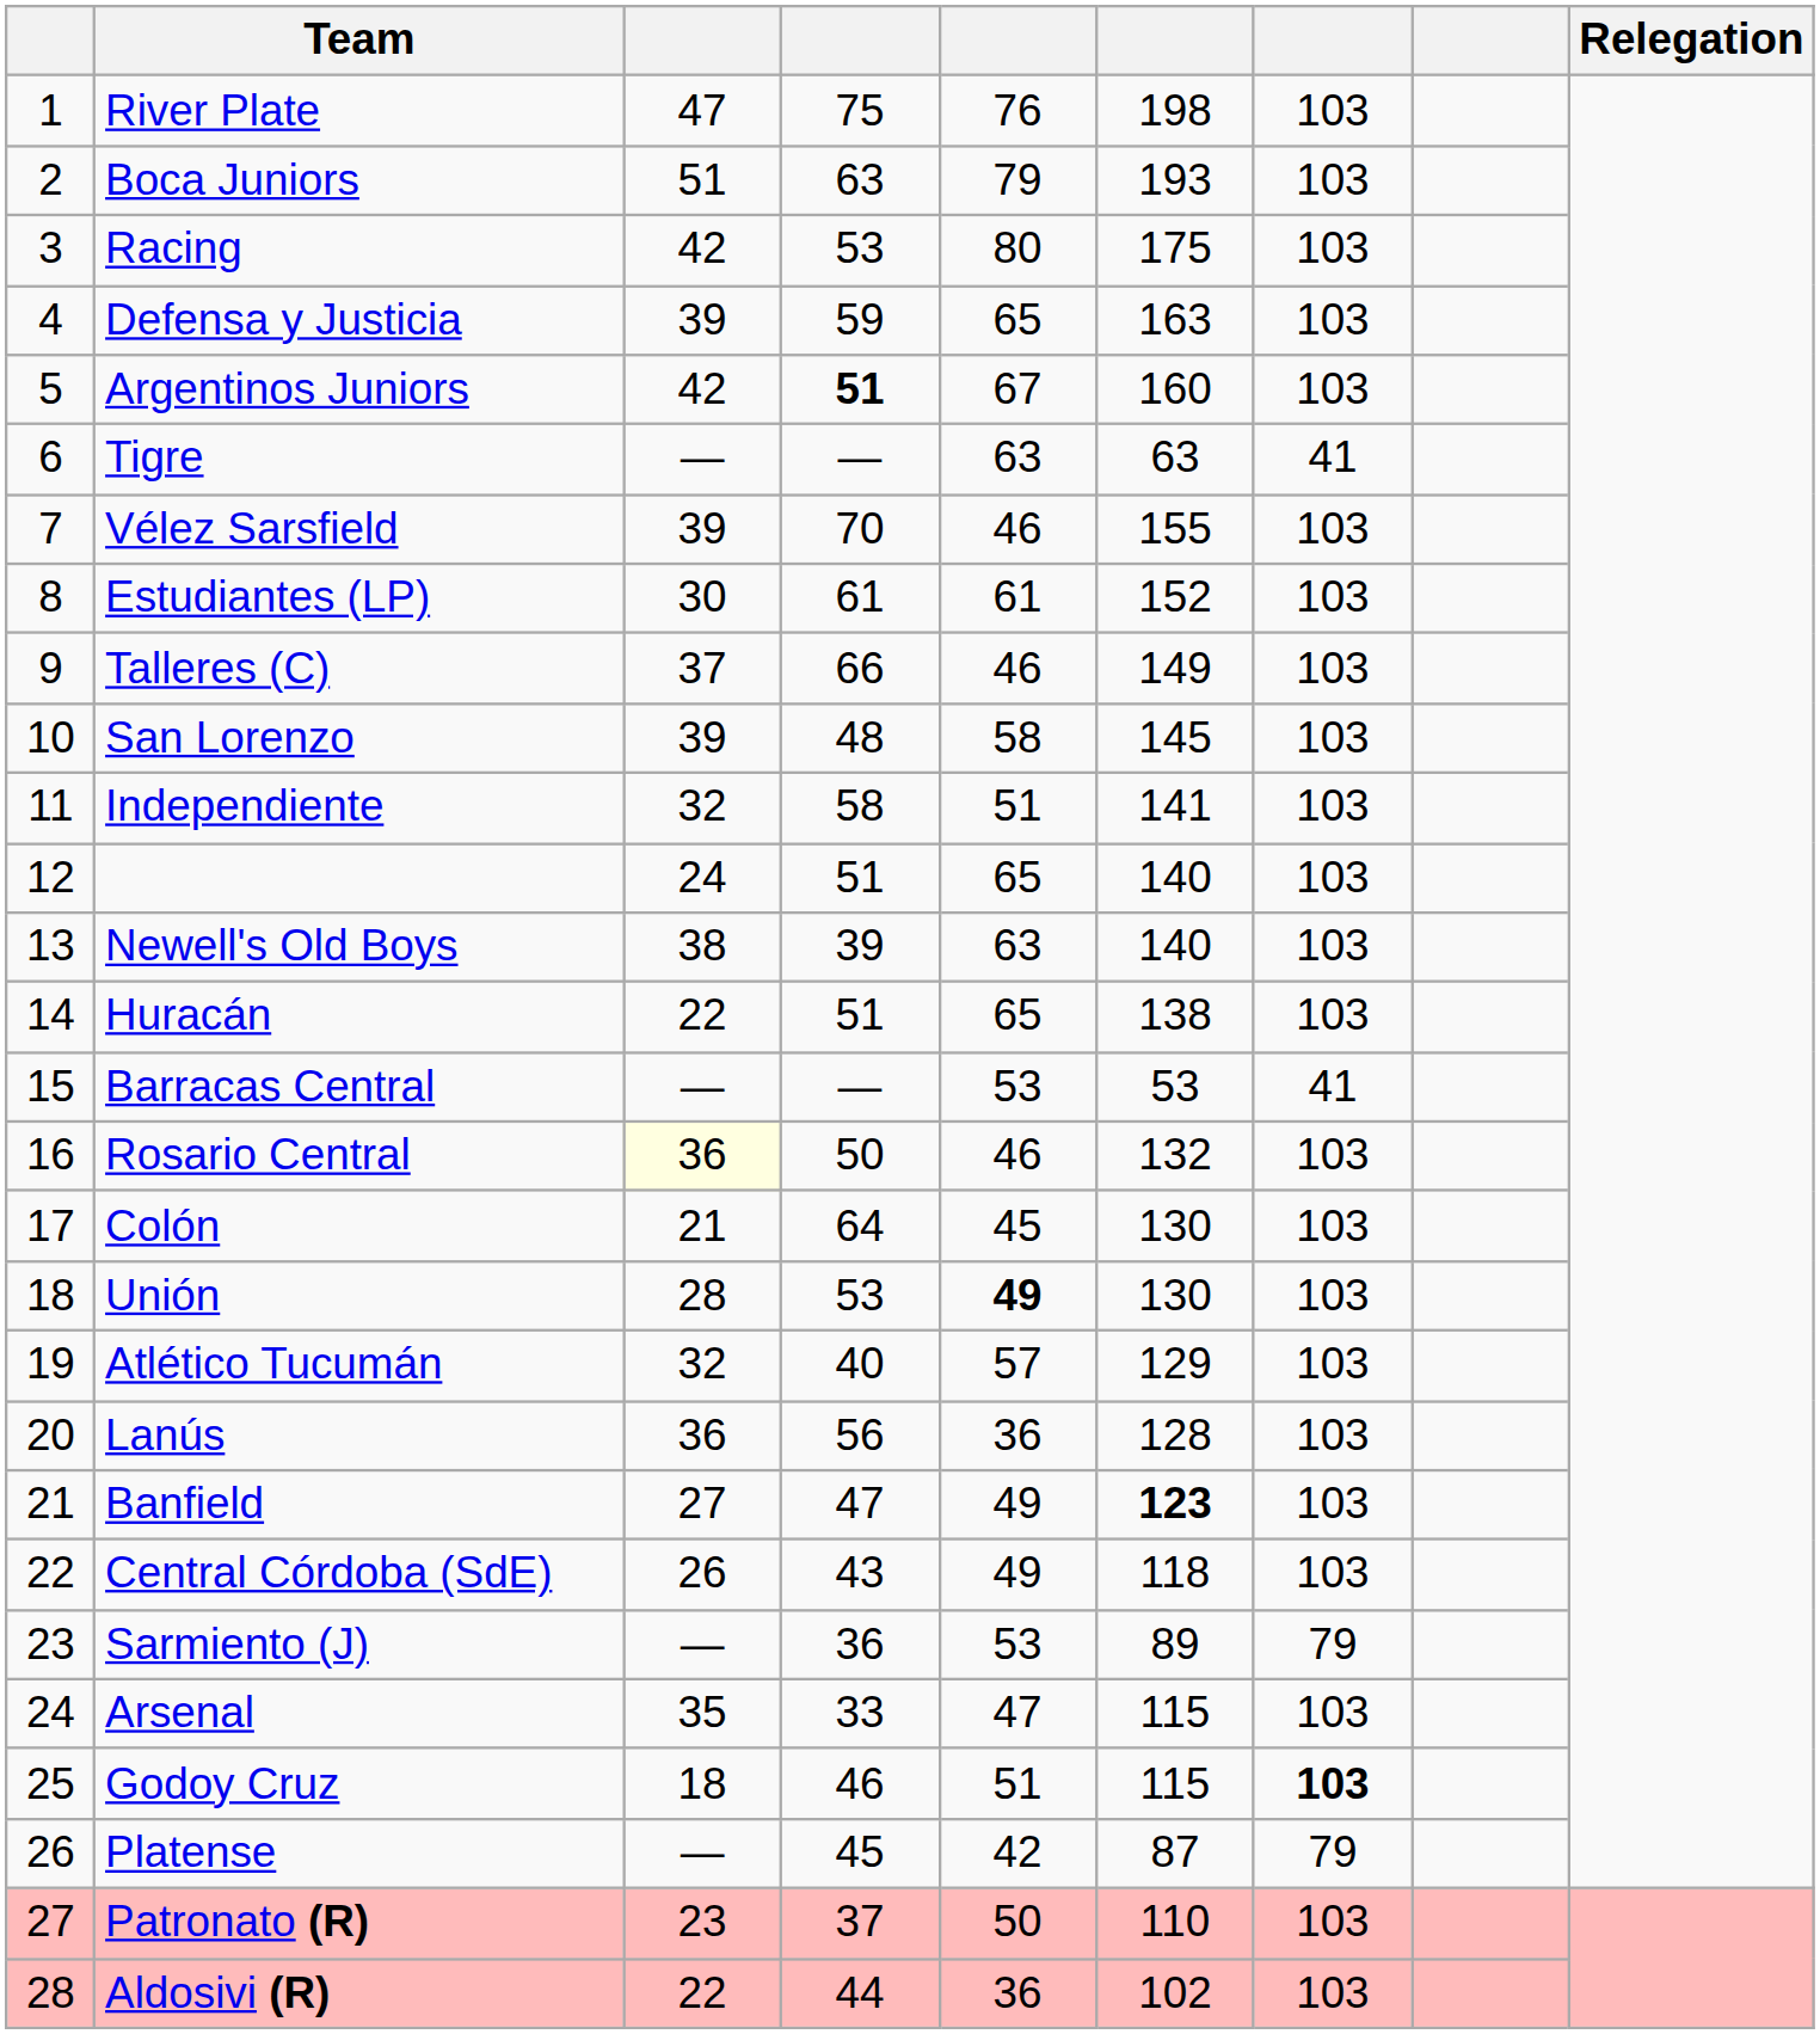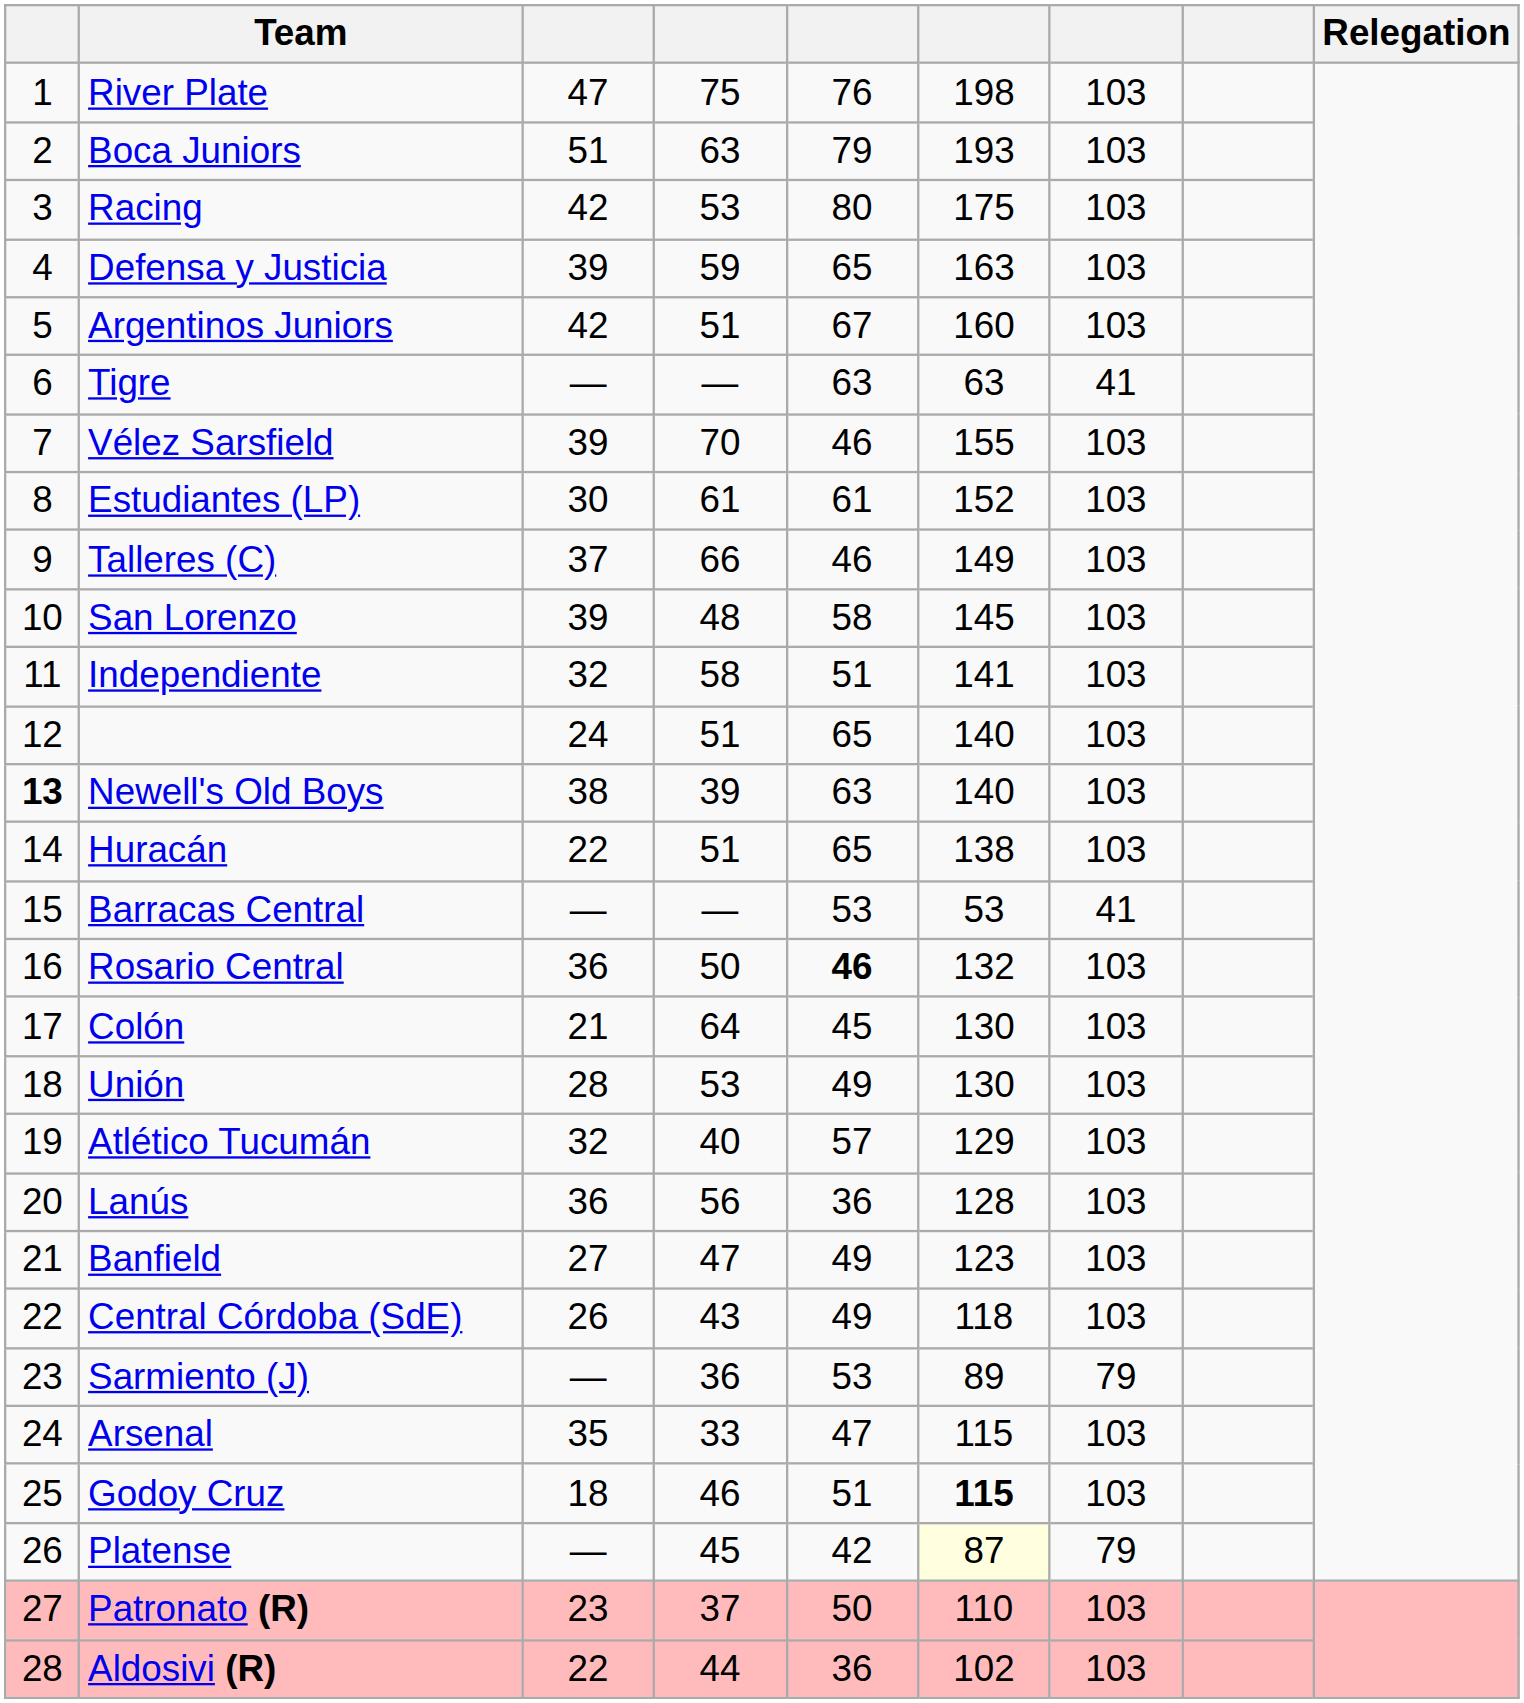 <table class="wikitable sortable" style="text-align: center;">
 <tr>
 <th width=25></th>
 <th width=185>Team</th>
 <th width=50></th>
 <th width=50></th>
 <th width=50></th>
 <th width=50></th>
 <th width=50></th>
 <th width=50></th>
 <th>Relegation</th>
 </tr>
 <tr>
 <td>1</td>
 <td align="left"><a href='#'>River Plate</a></td>
 <td>47</td>
 <td>75</td>
 <td>76</td>
 <td>198</td>
 <td>103</td>
 <td><strong></strong></td>
 <td rowspan=26></td>
 </tr>
 <tr>
 <td>2</td>
 <td align="left"><a href='#'>Boca Juniors</a></td>
 <td>51</td>
 <td>63</td>
 <td>79</td>
 <td>193</td>
 <td>103</td>
 <td><strong></strong></td>
 </tr>
 <tr>
 <td>3</td>
 <td align="left"><a href='#'>Racing</a></td>
 <td>42</td>
 <td>53</td>
 <td>80</td>
 <td>175</td>
 <td>103</td>
 <td><strong></strong></td>
 </tr>
 <tr>
 <td>4</td>
 <td align="left"><a href='#'>Defensa y Justicia</a></td>
 <td>39</td>
 <td>59</td>
 <td>65</td>
 <td>163</td>
 <td>103</td>
 <td><strong></strong></td>
 </tr>
 <tr>
 <td>5</td>
 <td align="left"><a href='#'>Argentinos Juniors</a></td>
 <td>42</td>
-<td><strong>51</strong></td>
+<td>51</td>
 <td>67</td>
 <td>160</td>
 <td>103</td>
 <td><strong></strong></td>
 </tr>
 <tr>
 <td>6</td>
 <td align="left"><a href='#'>Tigre</a></td>
 <td>—</td>
 <td>—</td>
 <td>63</td>
 <td>63</td>
 <td>41</td>
 <td><strong></strong></td>
 </tr>
 <tr>
 <td>7</td>
 <td align="left"><a href='#'>Vélez Sarsfield</a></td>
 <td>39</td>
 <td>70</td>
 <td>46</td>
 <td>155</td>
 <td>103</td>
 <td><strong></strong></td>
 </tr>
 <tr>
 <td>8</td>
 <td align="left"><a href='#'>Estudiantes (LP)</a></td>
 <td>30</td>
 <td>61</td>
 <td>61</td>
 <td>152</td>
 <td>103</td>
 <td><strong></strong></td>
 </tr>
 <tr>
 <td>9</td>
 <td align="left"><a href='#'>Talleres (C)</a></td>
 <td>37</td>
 <td>66</td>
 <td>46</td>
 <td>149</td>
 <td>103</td>
 <td><strong></strong></td>
 </tr>
 <tr>
 <td>10</td>
 <td align="left"><a href='#'>San Lorenzo</a></td>
 <td>39</td>
 <td>48</td>
 <td>58</td>
 <td>145</td>
 <td>103</td>
 <td><strong></strong></td>
 </tr>
 <tr>
 <td>11</td>
 <td align="left"><a href='#'>Independiente</a></td>
 <td>32</td>
 <td>58</td>
 <td>51</td>
 <td>141</td>
 <td>103</td>
 <td><strong></strong></td>
 </tr>
 <tr>
 <td>12</td>
 <td align="left"></td>
 <td>24</td>
 <td>51</td>
 <td>65</td>
 <td>140</td>
 <td>103</td>
 <td><strong></strong></td>
 </tr>
 <tr>
-<td>13</td>
+<td><strong>13</strong></td>
 <td align="left"><a href='#'>Newell's Old Boys</a></td>
 <td>38</td>
 <td>39</td>
 <td>63</td>
 <td>140</td>
 <td>103</td>
 <td><strong></strong></td>
 </tr>
 <tr>
 <td>14</td>
 <td align="left"><a href='#'>Huracán</a></td>
 <td>22</td>
 <td>51</td>
 <td>65</td>
 <td>138</td>
 <td>103</td>
 <td><strong></strong></td>
 </tr>
 <tr>
 <td>15</td>
 <td align="left"><a href='#'>Barracas Central</a></td>
 <td>—</td>
 <td>—</td>
 <td>53</td>
 <td>53</td>
 <td>41</td>
 <td><strong></strong></td>
 </tr>
 <tr>
 <td>16</td>
 <td align="left"><a href='#'>Rosario Central</a></td>
-<td style="background: lightyellow;">36</td>
+<td>36</td>
 <td>50</td>
-<td>46</td>
+<td><strong>46</strong></td>
 <td>132</td>
 <td>103</td>
 <td><strong></strong></td>
 </tr>
 <tr>
 <td>17</td>
 <td align="left"><a href='#'>Colón</a></td>
 <td>21</td>
 <td>64</td>
 <td>45</td>
 <td>130</td>
 <td>103</td>
 <td><strong></strong></td>
 </tr>
 <tr>
 <td>18</td>
 <td align="left"><a href='#'>Unión</a></td>
 <td>28</td>
 <td>53</td>
-<td><strong>49</strong></td>
+<td>49</td>
 <td>130</td>
 <td>103</td>
 <td><strong></strong></td>
 </tr>
 <tr>
 <td>19</td>
 <td align="left"><a href='#'>Atlético Tucumán</a></td>
 <td>32</td>
 <td>40</td>
 <td>57</td>
 <td>129</td>
 <td>103</td>
 <td><strong></strong></td>
 </tr>
 <tr>
 <td>20</td>
 <td align="left"><a href='#'>Lanús</a></td>
 <td>36</td>
 <td>56</td>
 <td>36</td>
 <td>128</td>
 <td>103</td>
 <td><strong></strong></td>
 </tr>
 <tr>
 <td>21</td>
 <td align="left"><a href='#'>Banfield</a></td>
 <td>27</td>
 <td>47</td>
 <td>49</td>
-<td><strong>123</strong></td>
+<td>123</td>
 <td>103</td>
 <td><strong></strong></td>
 </tr>
 <tr>
 <td>22</td>
 <td align="left"><a href='#'>Central Córdoba (SdE)</a></td>
 <td>26</td>
 <td>43</td>
 <td>49</td>
 <td>118</td>
 <td>103</td>
 <td><strong></strong></td>
 </tr>
 <tr>
 <td>23</td>
 <td align="left"><a href='#'>Sarmiento (J)</a></td>
 <td>—</td>
 <td>36</td>
 <td>53</td>
 <td>89</td>
 <td>79</td>
 <td><strong></strong></td>
 </tr>
 <tr>
 <td>24</td>
 <td align="left"><a href='#'>Arsenal</a></td>
 <td>35</td>
 <td>33</td>
 <td>47</td>
 <td>115</td>
 <td>103</td>
 <td><strong></strong></td>
 </tr>
 <tr>
 <td>25</td>
 <td align="left"><a href='#'>Godoy Cruz</a></td>
 <td>18</td>
 <td>46</td>
 <td>51</td>
-<td>115</td>
-<td><strong>103</strong></td>
+<td><strong>115</strong></td>
+<td>103</td>
 <td><strong></strong></td>
 </tr>
 <tr>
 <td>26</td>
 <td align="left"><a href='#'>Platense</a></td>
 <td>—</td>
 <td>45</td>
 <td>42</td>
-<td>87</td>
+<td style="background: lightyellow;">87</td>
 <td>79</td>
 <td><strong></strong></td>
 </tr>
 <tr bgcolor=#FFBBBB>
 <td>27</td>
 <td align="left"><a href='#'>Patronato</a> <strong>(R)</strong></td>
 <td>23</td>
 <td>37</td>
 <td>50</td>
 <td>110</td>
 <td>103</td>
 <td><strong></strong></td>
 <td rowspan=2></td>
 </tr>
 <tr bgcolor=#FFBBBB>
 <td>28</td>
 <td align="left"><a href='#'>Aldosivi</a> <strong>(R)</strong></td>
 <td>22</td>
 <td>44</td>
 <td>36</td>
 <td>102</td>
 <td>103</td>
 <td><strong></strong></td>
 </tr>
 </table>
